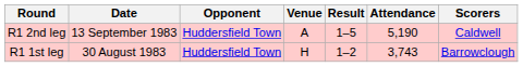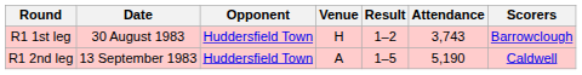 <table class="wikitable" style="font-size:100%; text-align:center">
 <tr>
 <th>Round</th>
 <th>Date</th>
 <th>Opponent</th>
 <th>Venue</th>
 <th>Result</th>
 <th>Attendance</th>
 <th>Scorers</th>
 </tr>
 <tr style="background-color: #FFCCCC;">
+<td>R1 1st leg</td>
+<td>30 August 1983</td>
+<td><a href='#'>Huddersfield Town</a></td>
+<td>H</td>
+<td>1–2</td>
+<td>3,743</td>
+<td><a href='#'>Barrowclough</a></td>
+</tr>
+<tr style="background-color: #FFCCCC;">
 <td>R1 2nd leg</td>
 <td>13 September 1983</td>
 <td><a href='#'>Huddersfield Town</a></td>
 <td>A</td>
 <td>1–5</td>
 <td>5,190</td>
 <td><a href='#'>Caldwell</a></td>
 </tr>
-<tr style="background-color: #FFCCCC;">
-<td>R1 1st leg</td>
-<td>30 August 1983</td>
-<td><a href='#'>Huddersfield Town</a></td>
-<td>H</td>
-<td>1–2</td>
-<td>3,743</td>
-<td><a href='#'>Barrowclough</a></td>
-</tr>
 </table>
